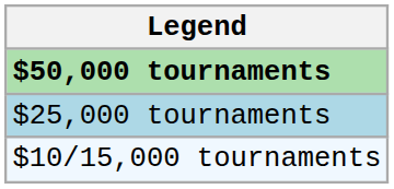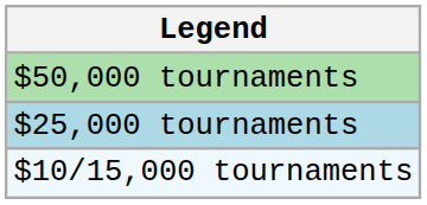 <table class="wikitable" style="font-size:85%;">
 <tr>
 <th>Legend</th>
 </tr>
 <tr style="background:#addfad;">
-<td><strong>$50,000 tournaments</strong></td>
+<td>$50,000 tournaments</td>
 </tr>
 <tr style="background:lightblue;">
 <td>$25,000 tournaments</td>
 </tr>
 <tr style="background:#f0f8ff;">
 <td>$10/15,000 tournaments</td>
 </tr>
 </table>
